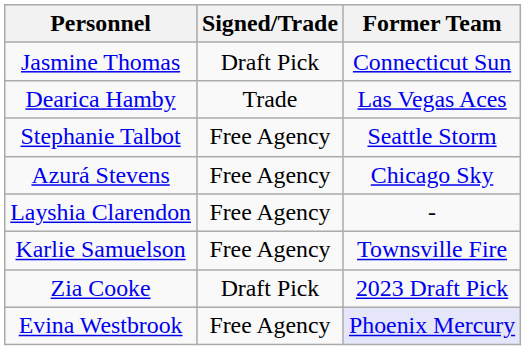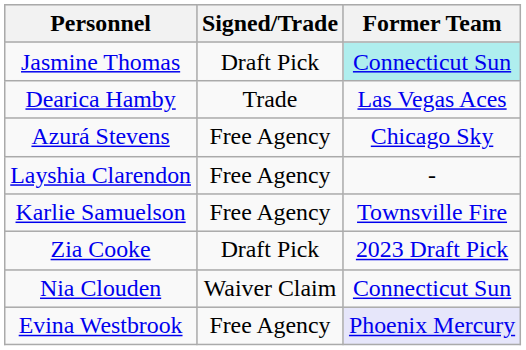 <table class="wikitable" style="text-align: center">
 <tr align="center" bgcolor="#dddddd">
 <th><strong>Personnel</strong></th>
 <th><strong>Signed/Trade</strong></th>
 <th><strong>Former Team</strong></th>
 </tr>
 <tr>
 <td><a href='#'>Jasmine Thomas</a></td>
 <td>Draft Pick</td>
-<td><a href='#'>Connecticut Sun</a></td>
+<td style="background: paleturquoise;"><a href='#'>Connecticut Sun</a></td>
 </tr>
 <tr>
 <td><a href='#'>Dearica Hamby</a></td>
 <td>Trade</td>
 <td><a href='#'>Las Vegas Aces</a></td>
-</tr>
-<tr>
-<td><a href='#'>Stephanie Talbot</a></td>
-<td>Free Agency</td>
-<td><a href='#'>Seattle Storm</a></td>
 </tr>
 <tr>
 <td><a href='#'>Azurá Stevens</a></td>
 <td>Free Agency</td>
 <td><a href='#'>Chicago Sky</a></td>
 </tr>
 <tr>
 <td><a href='#'>Layshia Clarendon</a></td>
 <td>Free Agency</td>
 <td>-</td>
 </tr>
 <tr>
 <td><a href='#'>Karlie Samuelson</a></td>
 <td>Free Agency</td>
 <td><a href='#'>Townsville Fire</a></td>
 </tr>
 <tr>
 <td><a href='#'>Zia Cooke</a></td>
 <td>Draft Pick</td>
 <td><a href='#'>2023 Draft Pick</a></td>
 </tr>
 <tr>
+<td><a href='#'>Nia Clouden</a></td>
+<td>Waiver Claim</td>
+<td><a href='#'>Connecticut Sun</a></td>
+</tr>
+<tr>
 <td><a href='#'>Evina Westbrook</a></td>
 <td>Free Agency</td>
 <td style="background: lavender;"><a href='#'>Phoenix Mercury</a></td>
 </tr>
 </table>
